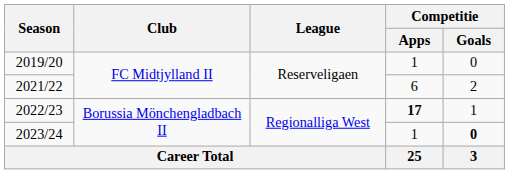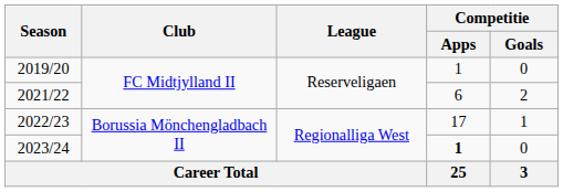 <table class="wikitable" style="font-size:90%; width: 40%; text-align: center;">
 <tr>
 <th rowspan="2" width="5%">Season</th>
 <th rowspan="2" width="20%">Club</th>
 <th rowspan="2" width="15%">League</th>
 <th colspan="2" width="12%">Competitie</th>
 </tr>
 <tr>
 <th width="6%">Apps</th>
 <th width="6%">Goals</th>
 </tr>
 <tr>
 <td>2019/20</td>
 <td rowspan="2"><a href='#'>FC Midtjylland II</a></td>
 <td rowspan="2">Reserveligaen</td>
 <td>1</td>
 <td>0</td>
 </tr>
 <tr>
 <td>2021/22</td>
 <td>6</td>
 <td>2</td>
 </tr>
 <tr>
 <td>2022/23</td>
 <td rowspan="2"><a href='#'>Borussia Mönchengladbach II</a></td>
 <td rowspan="2"><a href='#'>Regionalliga West</a></td>
-<td><strong>17</strong></td>
+<td>17</td>
 <td>1</td>
 </tr>
 <tr>
 <td>2023/24</td>
-<td>1</td>
-<td><strong>0</strong></td>
+<td><strong>1</strong></td>
+<td>0</td>
 </tr>
 <tr>
 <th colspan="3" width="40%">Career Total</th>
 <th width="6%">25</th>
 <th width="6%">3</th>
 </tr>
 </table>
